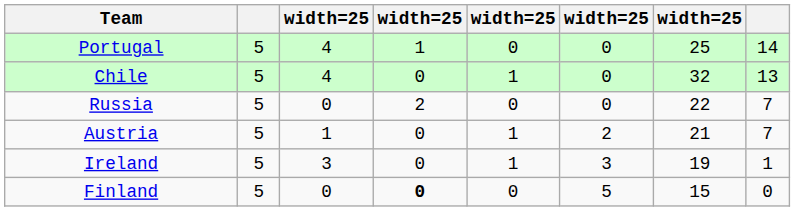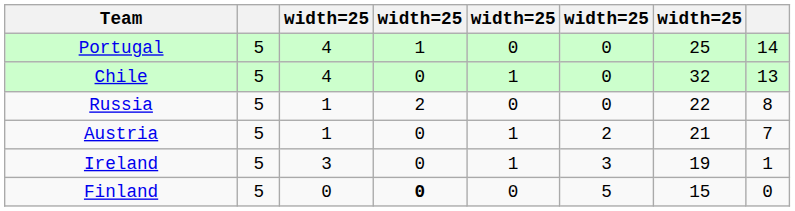 <table class="wikitable sortable" style="text-align: center;">
 <tr>
 <th width=165>Team</th>
 <th width=25></th>
 <th>width=25</th>
 <th>width=25</th>
 <th>width=25</th>
 <th>width=25</th>
 <th>width=25</th>
 <th width=25></th>
 </tr>
 <tr style="background:#cfc">
 <td> <a href='#'>Portugal</a></td>
 <td>5</td>
 <td>4</td>
 <td>1</td>
 <td>0</td>
 <td>0</td>
 <td>25</td>
 <td>14</td>
 </tr>
 <tr style="background:#cfc">
 <td> <a href='#'>Chile</a></td>
 <td>5</td>
 <td>4</td>
 <td>0</td>
 <td>1</td>
 <td>0</td>
 <td>32</td>
 <td>13</td>
 </tr>
 <tr>
 <td> <a href='#'>Russia</a></td>
 <td>5</td>
-<td>0</td>
+<td>1</td>
 <td>2</td>
 <td>0</td>
 <td>0</td>
 <td>22</td>
-<td>7</td>
+<td>8</td>
 </tr>
 <tr>
 <td> <a href='#'>Austria</a></td>
 <td>5</td>
 <td>1</td>
 <td>0</td>
 <td>1</td>
 <td>2</td>
 <td>21</td>
 <td>7</td>
 </tr>
 <tr>
 <td> <a href='#'>Ireland</a></td>
 <td>5</td>
 <td>3</td>
 <td>0</td>
 <td>1</td>
 <td>3</td>
 <td>19</td>
 <td>1</td>
 </tr>
 <tr>
 <td> <a href='#'>Finland</a></td>
 <td>5</td>
 <td>0</td>
 <td><strong>0</strong></td>
 <td>0</td>
 <td>5</td>
 <td>15</td>
 <td>0</td>
 </tr>
 </table>
